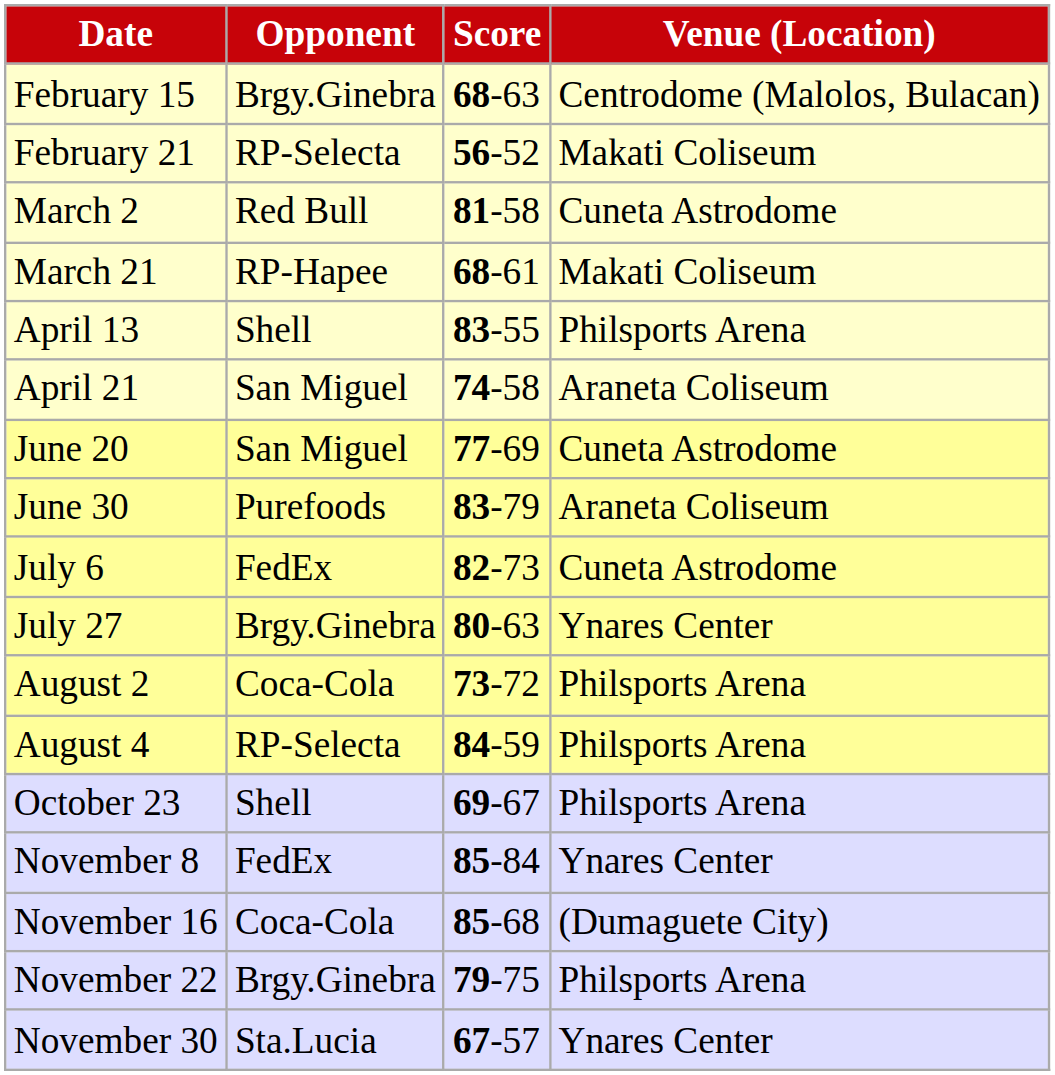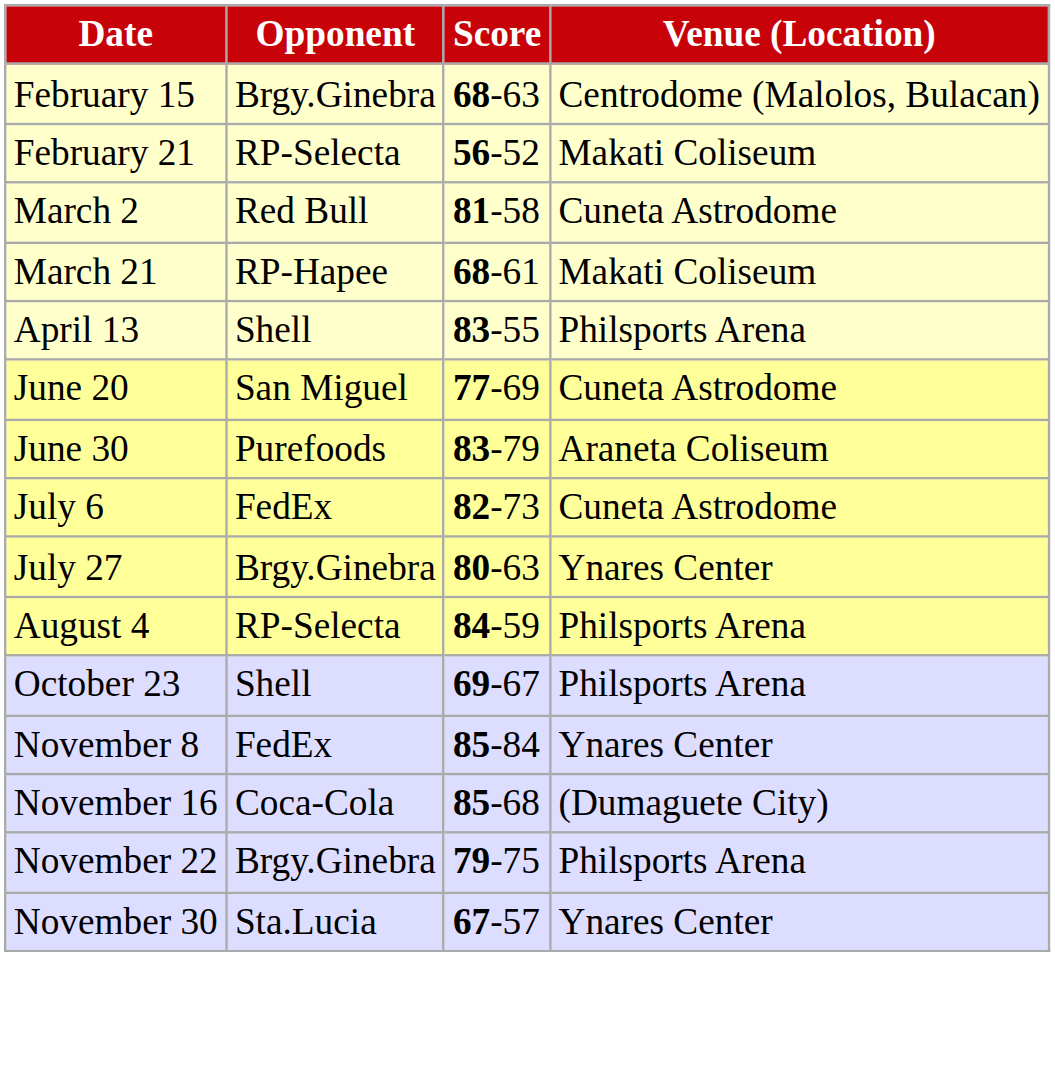 <table class="wikitable sortable sortable">
 <tr>
 <th style="background:#C70309; color:#FFFFFF; ">Date</th>
 <th style="background:#C70309; color:#FFFFFF; ">Opponent</th>
 <th style="background:#C70309; color:#FFFFFF; ">Score</th>
 <th style="background:#C70309; color:#FFFFFF; ">Venue (Location)</th>
 </tr>
 <tr bgcolor=#FFFFCC>
 <td>February 15</td>
 <td>Brgy.Ginebra</td>
 <td><strong>68</strong>-63</td>
 <td>Centrodome (Malolos, Bulacan)</td>
 </tr>
 <tr bgcolor=#FFFFCC>
 <td>February 21</td>
 <td>RP-Selecta</td>
 <td><strong>56</strong>-52</td>
 <td>Makati Coliseum </td>
 </tr>
 <tr bgcolor=#FFFFCC>
 <td>March 2</td>
 <td>Red Bull</td>
 <td><strong>81</strong>-58</td>
 <td>Cuneta Astrodome</td>
 </tr>
 <tr bgcolor=#FFFFCC>
 <td>March 21</td>
 <td>RP-Hapee</td>
 <td><strong>68</strong>-61</td>
 <td>Makati Coliseum</td>
 </tr>
 <tr bgcolor=#FFFFCC>
 <td>April 13</td>
 <td>Shell</td>
 <td><strong>83</strong>-55</td>
 <td>Philsports Arena</td>
 </tr>
-<tr bgcolor=#FFFFCC>
-<td>April 21</td>
-<td>San Miguel</td>
-<td><strong>74</strong>-58</td>
-<td>Araneta Coliseum</td>
-</tr>
 <tr bgcolor=#FFFF99>
 <td>June 20</td>
 <td>San Miguel</td>
 <td><strong>77</strong>-69</td>
 <td>Cuneta Astrodome</td>
 </tr>
 <tr bgcolor=#FFFF99>
 <td>June 30</td>
 <td>Purefoods</td>
 <td><strong>83</strong>-79</td>
 <td>Araneta Coliseum</td>
 </tr>
 <tr bgcolor=#FFFF99>
 <td>July 6</td>
 <td>FedEx</td>
 <td><strong>82</strong>-73</td>
 <td>Cuneta Astrodome</td>
 </tr>
 <tr bgcolor=#FFFF99>
 <td>July 27</td>
 <td>Brgy.Ginebra</td>
 <td><strong>80</strong>-63</td>
 <td>Ynares Center</td>
-</tr>
-<tr bgcolor=#FFFF99>
-<td>August 2</td>
-<td>Coca-Cola</td>
-<td><strong>73</strong>-72</td>
-<td>Philsports Arena</td>
 </tr>
 <tr bgcolor=#FFFF99>
 <td>August 4</td>
 <td>RP-Selecta</td>
 <td><strong>84</strong>-59</td>
 <td>Philsports Arena</td>
 </tr>
 <tr bgcolor=#DDDDFF>
 <td>October 23</td>
 <td>Shell</td>
 <td><strong>69</strong>-67</td>
 <td>Philsports Arena</td>
 </tr>
 <tr bgcolor=#DDDDFF>
 <td>November 8</td>
 <td>FedEx</td>
 <td><strong>85</strong>-84</td>
 <td>Ynares Center</td>
 </tr>
 <tr bgcolor=#DDDDFF>
 <td>November 16</td>
 <td>Coca-Cola</td>
 <td><strong>85</strong>-68</td>
 <td>(Dumaguete City)</td>
 </tr>
 <tr bgcolor=#DDDDFF>
 <td>November 22</td>
 <td>Brgy.Ginebra</td>
 <td><strong>79</strong>-75</td>
 <td>Philsports Arena </td>
 </tr>
 <tr bgcolor=#DDDDFF>
 <td>November 30</td>
 <td>Sta.Lucia</td>
 <td><strong>67</strong>-57</td>
 <td>Ynares Center</td>
 </tr>
 <tr>
 </tr>
 </table>
